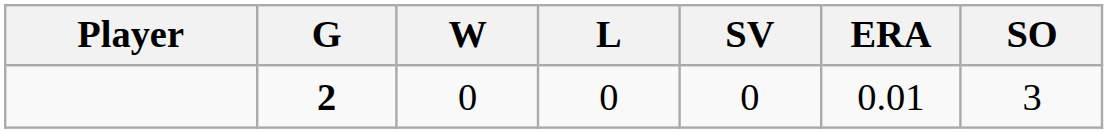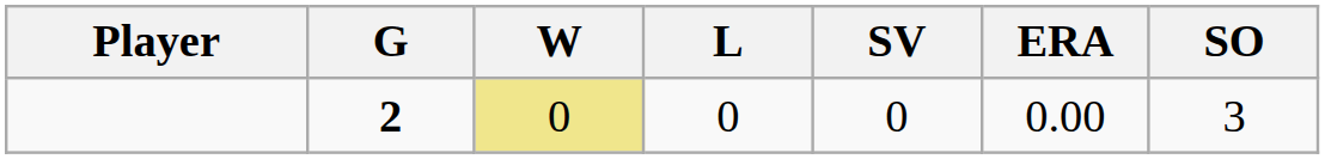 <table class="wikitable sortable">
 <tr>
 <th bgcolor="#DDDDFF" width="16%">Player</th>
 <th bgcolor="#DDDDFF" width="9%">G</th>
 <th bgcolor="#DDDDFF" width="9%">W</th>
 <th bgcolor="#DDDDFF" width="9%">L</th>
 <th bgcolor="#DDDDFF" width="9%">SV</th>
 <th bgcolor="#DDDDFF" width="9%">ERA</th>
 <th bgcolor="#DDDDFF" width="9%">SO</th>
 </tr>
 <tr align="center">
 <td></td>
 <td><strong>2</strong></td>
+<td style="background: khaki;">0</td>
 <td>0</td>
 <td>0</td>
-<td>0</td>
-<td>0.01</td>
+<td>0.00</td>
 <td>3</td>
 </tr>
 </table>
